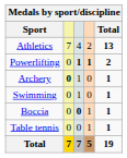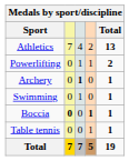 <table class="wikitable" style=font-size:85%;float:right;text-align:center>
 <tr>
 <th colspan=5>Medals by sport/discipline</th>
 </tr>
 <tr>
 <th>Sport</th>
 <td bgcolor=F7F6A8></td>
 <td bgcolor=DCE5E5></td>
 <td bgcolor=FFDAB9></td>
 <th>Total</th>
 </tr>
 <tr align=center>
 <td><a href='#'>Athletics</a></td>
 <td style="background:#F7F6A8;">7</td>
 <td style="background:#DCE5E5;">4</td>
 <td style="background:#FFDAB9;">2</td>
 <td><strong>13</strong></td>
 </tr>
 <tr align=center>
 <td><a href='#'>Powerlifting</a></td>
 <td style="background:#F7F6A8;">0</td>
-<td style="background:#DCE5E5;"><strong>1</strong></td>
-<td style="background:#FFDAB9;"><strong>1</strong></td>
+<td style="background:#DCE5E5;">1</td>
+<td style="background:#FFDAB9;">1</td>
 <td><strong>2</strong></td>
 </tr>
 <tr align=center>
 <td><a href='#'>Archery</a></td>
-<td style="background:#F7F6A8;"><strong>0</strong></td>
-<td style="background:#DCE5E5;">1</td>
+<td style="background:#F7F6A8;">0</td>
+<td style="background:#DCE5E5;"><strong>1</strong></td>
 <td style="background:#FFDAB9;">0</td>
 <td><strong>1</strong></td>
 </tr>
 <tr align=center>
 <td><a href='#'>Swimming</a></td>
 <td style="background:#F7F6A8;">0</td>
 <td style="background:#DCE5E5;">1</td>
 <td style="background:#FFDAB9;">0</td>
 <td><strong>1</strong></td>
 </tr>
 <tr align=center>
 <td><a href='#'>Boccia</a></td>
-<td style="background:#F7F6A8;">0</td>
-<td style="background:#DCE5E5;"><strong>0</strong></td>
-<td style="background:#FFDAB9;">1</td>
+<td style="background:#F7F6A8;"><strong>0</strong></td>
+<td style="background:#DCE5E5;">0</td>
+<td style="background:#FFDAB9;"><strong>1</strong></td>
 <td><strong>1</strong></td>
 </tr>
 <tr align=center>
 <td><a href='#'>Table tennis</a></td>
 <td style="background:#F7F6A8;">0</td>
 <td style="background:#DCE5E5;">0</td>
 <td style="background:#FFDAB9;">1</td>
 <td><strong>1</strong></td>
 </tr>
 <tr align=center>
 <th><strong>Total</strong></th>
 <th style="background:gold;"><strong>7</strong></th>
 <th style="background:silver;"><strong>7</strong></th>
 <th style="background:#c96;"><strong>5</strong></th>
 <td><strong>19</strong></td>
 </tr>
 </table>
